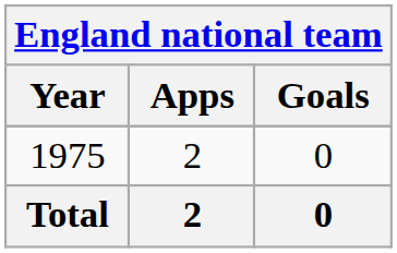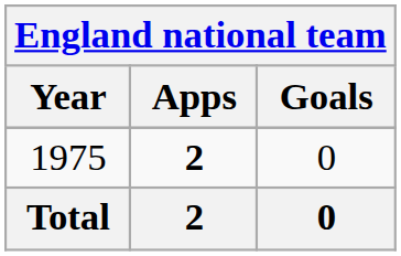 <table class="wikitable" style="text-align:center">
 <tr>
 <th colspan=3><a href='#'>England national team</a></th>
 </tr>
 <tr>
 <th>Year</th>
 <th>Apps</th>
 <th>Goals</th>
 </tr>
 <tr>
 </tr>
 <tr>
 <td>1975</td>
-<td>2</td>
+<td><strong>2</strong></td>
 <td>0</td>
 </tr>
 <tr>
 <th>Total</th>
 <th>2</th>
 <th>0</th>
 </tr>
 </table>
